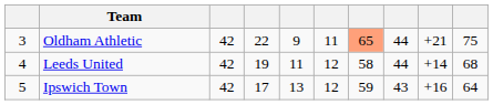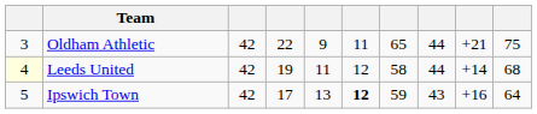 <table class="wikitable" style="text-align:center">
 <tr>
 <th width="30"></th>
 <th width="175">Team</th>
 <th width="30"></th>
 <th width="30"></th>
 <th width="30"></th>
 <th width="30"></th>
 <th width="30"></th>
 <th width="30"></th>
 <th width="30"></th>
 <th width="30"></th>
 </tr>
 <tr>
 <td>3</td>
 <td align=left><a href='#'>Oldham Athletic</a></td>
 <td>42</td>
 <td>22</td>
 <td>9</td>
 <td>11</td>
-<td style="background: lightsalmon;">65</td>
+<td>65</td>
 <td>44</td>
 <td>+21</td>
 <td>75</td>
 </tr>
 <tr>
-<td>4</td>
+<td style="background: lightyellow;">4</td>
 <td align=left><a href='#'>Leeds United</a></td>
 <td>42</td>
 <td>19</td>
 <td>11</td>
 <td>12</td>
 <td>58</td>
 <td>44</td>
 <td>+14</td>
 <td>68</td>
 </tr>
 <tr>
 <td>5</td>
 <td align=left><a href='#'>Ipswich Town</a></td>
 <td>42</td>
 <td>17</td>
 <td>13</td>
-<td>12</td>
+<td><strong>12</strong></td>
 <td>59</td>
 <td>43</td>
 <td>+16</td>
 <td>64</td>
 </tr>
 </table>
